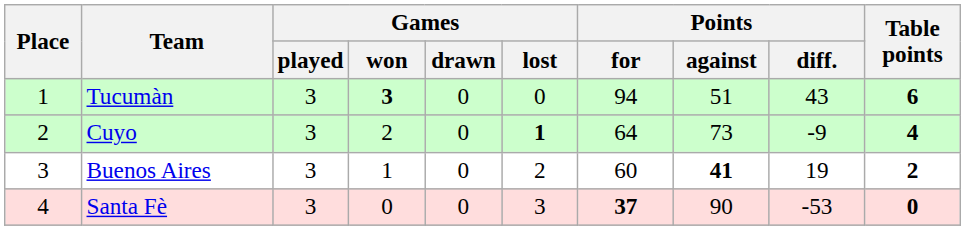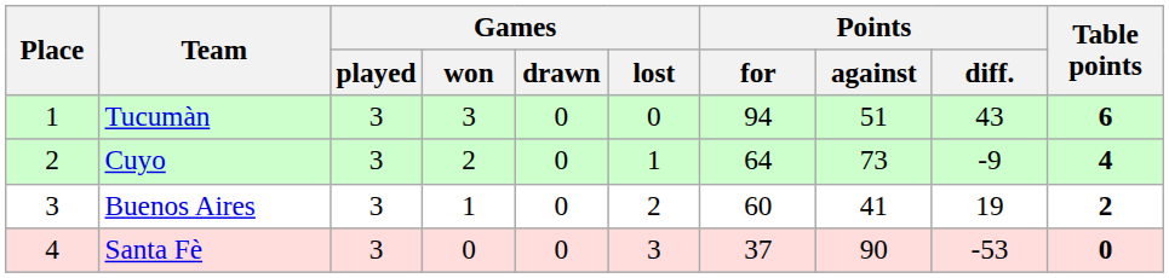 <table class="wikitable">
 <tr>
 <th rowspan=2 width="8%">Place</th>
 <th rowspan=2 width="20%">Team</th>
 <th colspan=4 width="32%">Games</th>
 <th colspan=3 width="30%">Points</th>
 <th rowspan=2 width="10%">Table<br>points</th>
 </tr>
 <tr>
 <th width="8%">played</th>
 <th width="8%">won</th>
 <th width="8%">drawn</th>
 <th width="8%">lost</th>
 <th width="10%">for</th>
 <th width="10%">against</th>
 <th width="10%">diff.</th>
 </tr>
 <tr align=center style="background: #ccffcc;">
 <td>1</td>
 <td align=left><a href='#'>Tucumàn</a></td>
 <td>3</td>
-<td><strong>3</strong></td>
+<td>3</td>
 <td>0</td>
 <td>0</td>
 <td>94</td>
 <td>51</td>
 <td>43</td>
 <td><strong>6</strong></td>
 </tr>
 <tr align=center style="background: #ccffcc;">
 <td>2</td>
 <td align=left><a href='#'>Cuyo</a></td>
 <td>3</td>
 <td>2</td>
 <td>0</td>
-<td><strong>1</strong></td>
+<td>1</td>
 <td>64</td>
 <td>73</td>
 <td>-9</td>
 <td><strong>4</strong></td>
 </tr>
 <tr align=center style="background: #ffffff;">
 <td>3</td>
 <td align=left><a href='#'>Buenos Aires</a></td>
 <td>3</td>
 <td>1</td>
 <td>0</td>
 <td>2</td>
 <td>60</td>
-<td><strong>41</strong></td>
+<td>41</td>
 <td>19</td>
 <td><strong>2</strong></td>
 </tr>
 <tr align=center style="background: #ffdddd;">
 <td>4</td>
 <td align=left><a href='#'>Santa Fè</a></td>
 <td>3</td>
 <td>0</td>
 <td>0</td>
 <td>3</td>
-<td><strong>37</strong></td>
+<td>37</td>
 <td>90</td>
 <td>-53</td>
 <td><strong>0</strong></td>
 </tr>
 </table>
